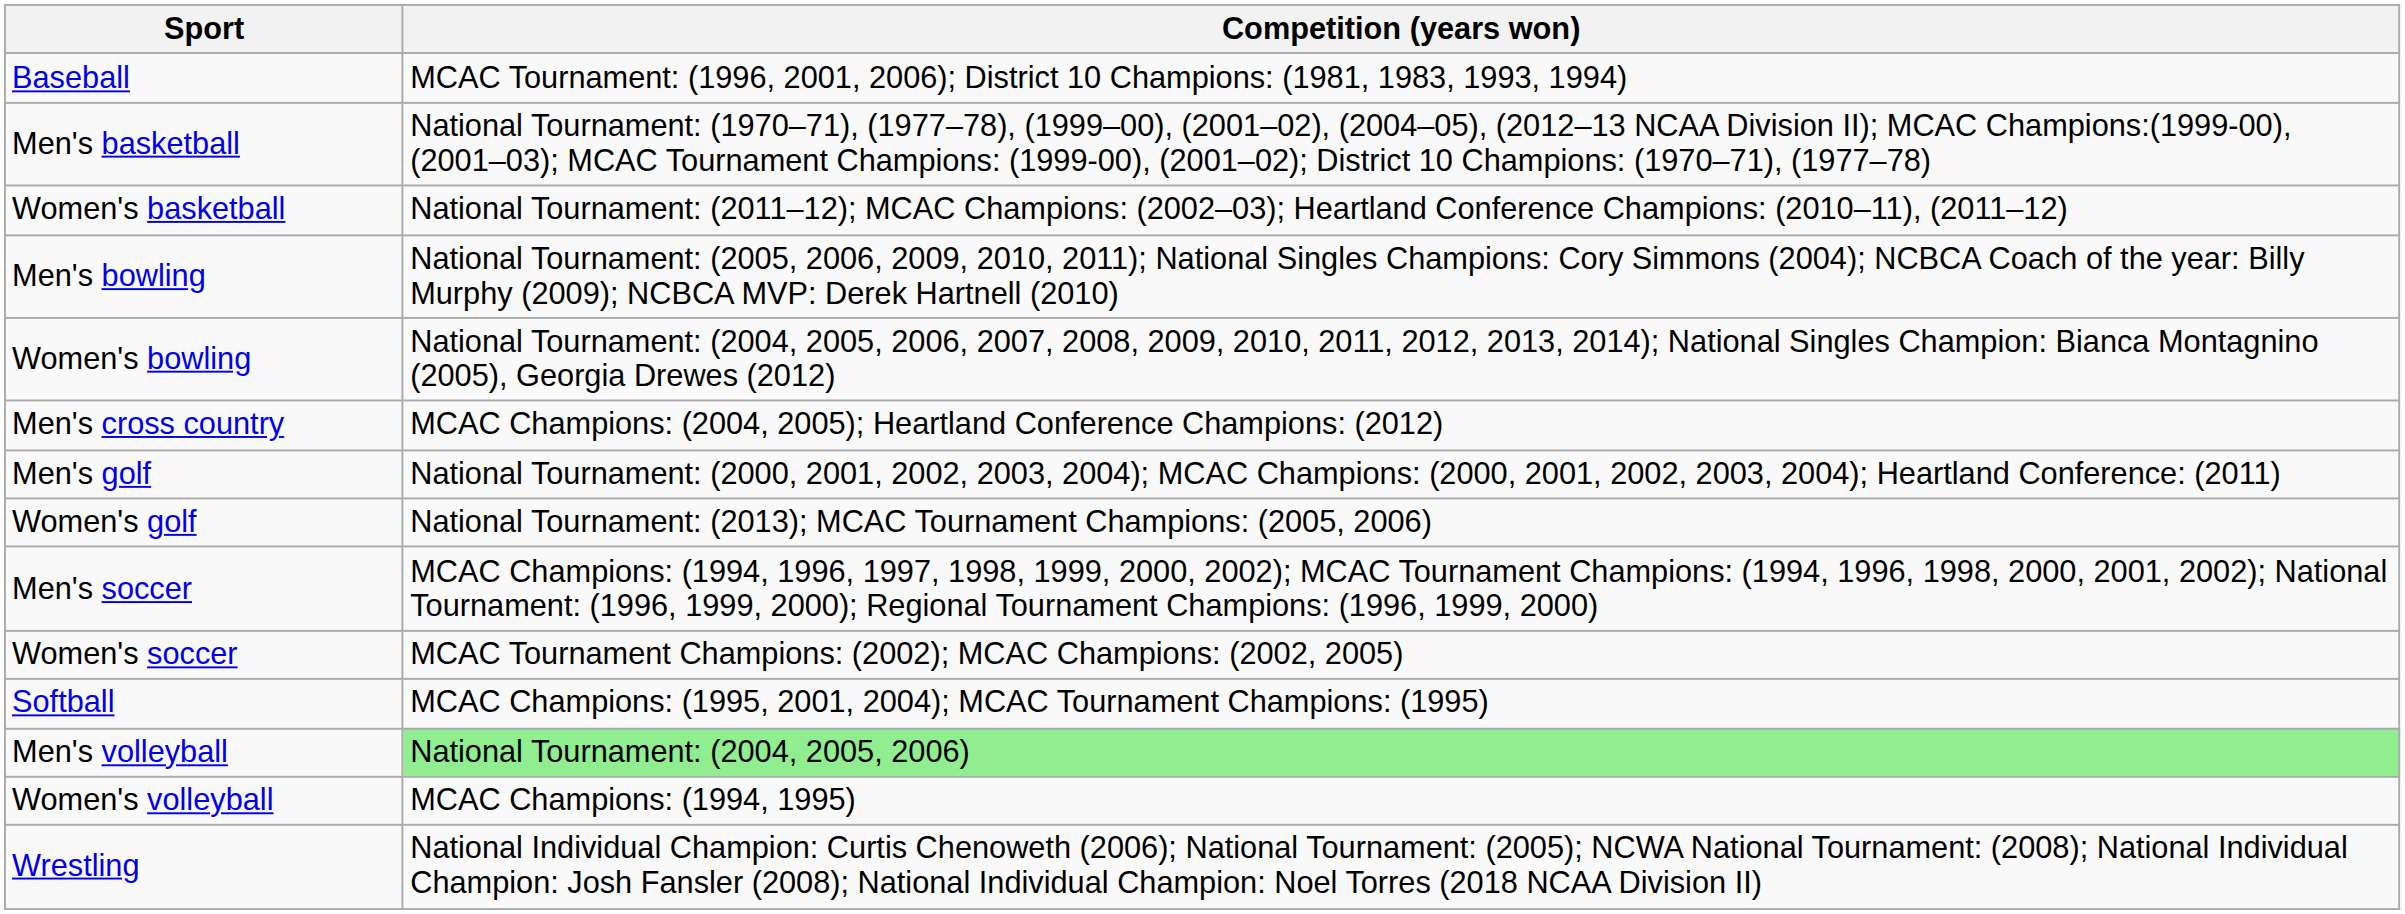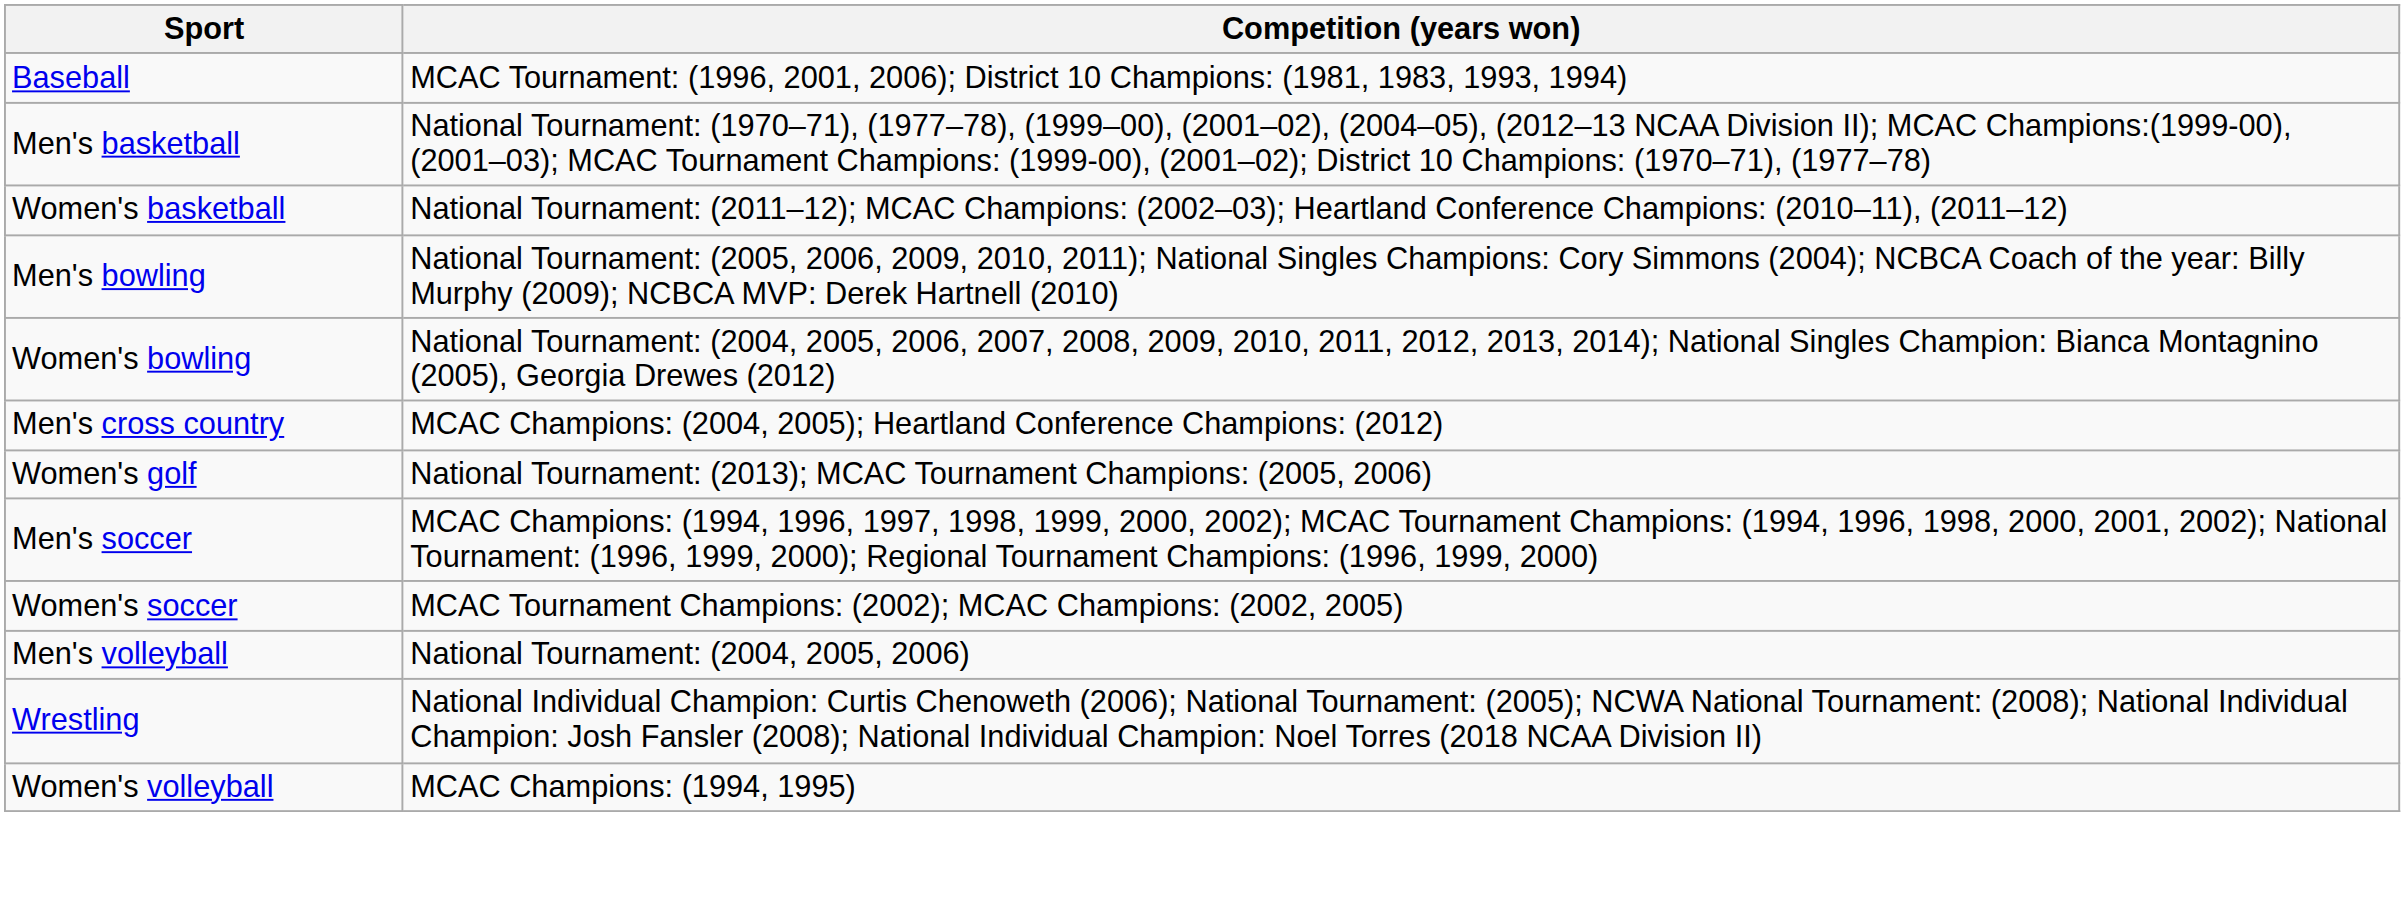 <table class="wikitable">
 <tr>
 <th width=200px>Sport</th>
 <th width=px>Competition (years won)</th>
 </tr>
 <tr>
 <td><a href='#'>Baseball</a></td>
 <td>MCAC Tournament: (1996, 2001, 2006); District 10 Champions: (1981, 1983, 1993, 1994)</td>
 </tr>
 <tr>
 <td>Men's <a href='#'>basketball</a></td>
 <td>National Tournament: (1970–71), (1977–78), (1999–00), (2001–02), (2004–05), (2012–13 NCAA Division II); MCAC Champions:(1999-00), (2001–03); MCAC Tournament Champions: (1999-00), (2001–02); District 10 Champions: (1970–71), (1977–78)</td>
 </tr>
 <tr>
 <td>Women's <a href='#'>basketball</a></td>
 <td>National Tournament: (2011–12); MCAC Champions: (2002–03); Heartland Conference Champions: (2010–11), (2011–12)</td>
 </tr>
 <tr>
 <td>Men's <a href='#'>bowling</a></td>
 <td>National Tournament: (2005, 2006, 2009, 2010, 2011); National Singles Champions: Cory Simmons (2004); NCBCA Coach of the year: Billy Murphy (2009); NCBCA MVP: Derek Hartnell (2010)</td>
 </tr>
 <tr>
 <td>Women's <a href='#'>bowling</a></td>
 <td>National Tournament: (2004, 2005, 2006, 2007, 2008, 2009, 2010, 2011, 2012, 2013, 2014); National Singles Champion: Bianca Montagnino (2005), Georgia Drewes (2012)</td>
 </tr>
 <tr>
 <td>Men's <a href='#'>cross country</a></td>
 <td>MCAC Champions: (2004, 2005); Heartland Conference Champions: (2012)</td>
 </tr>
 <tr>
-<td>Men's <a href='#'>golf</a></td>
-<td>National Tournament: (2000, 2001, 2002, 2003, 2004); MCAC Champions: (2000, 2001, 2002, 2003, 2004); Heartland Conference: (2011)</td>
-</tr>
-<tr>
 <td>Women's <a href='#'>golf</a></td>
 <td>National Tournament: (2013); MCAC Tournament Champions: (2005, 2006)</td>
 </tr>
 <tr>
 <td>Men's <a href='#'>soccer</a></td>
 <td>MCAC Champions: (1994, 1996, 1997, 1998, 1999, 2000, 2002); MCAC Tournament Champions: (1994, 1996, 1998, 2000, 2001, 2002); National Tournament: (1996, 1999, 2000); Regional Tournament Champions: (1996, 1999, 2000)</td>
 </tr>
 <tr>
 <td>Women's <a href='#'>soccer</a></td>
 <td>MCAC Tournament Champions: (2002); MCAC Champions: (2002, 2005)</td>
 </tr>
 <tr>
-<td><a href='#'>Softball</a></td>
-<td>MCAC Champions: (1995, 2001, 2004); MCAC Tournament Champions: (1995)</td>
+<td>Men's <a href='#'>volleyball</a></td>
+<td>National Tournament: (2004, 2005, 2006)</td>
 </tr>
 <tr>
-<td>Men's <a href='#'>volleyball</a></td>
-<td style="background: lightgreen;">National Tournament: (2004, 2005, 2006)</td>
+<td><a href='#'>Wrestling</a></td>
+<td>National Individual Champion: Curtis Chenoweth (2006); National Tournament: (2005); NCWA National Tournament: (2008); National Individual Champion: Josh Fansler (2008); National Individual Champion: Noel Torres (2018 NCAA Division II)</td>
 </tr>
 <tr>
 <td>Women's <a href='#'>volleyball</a></td>
 <td>MCAC Champions: (1994, 1995)</td>
 </tr>
 <tr>
-<td><a href='#'>Wrestling</a></td>
-<td>National Individual Champion: Curtis Chenoweth (2006); National Tournament: (2005); NCWA National Tournament: (2008); National Individual Champion: Josh Fansler (2008); National Individual Champion: Noel Torres (2018 NCAA Division II)</td>
-</tr>
-<tr>
 </tr>
 </table>
